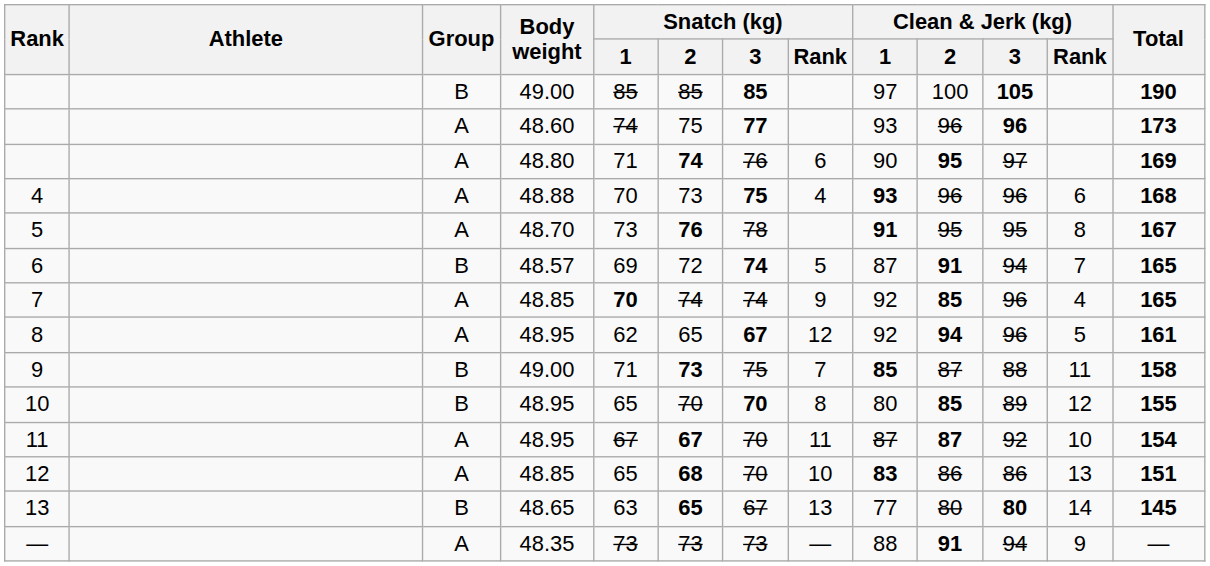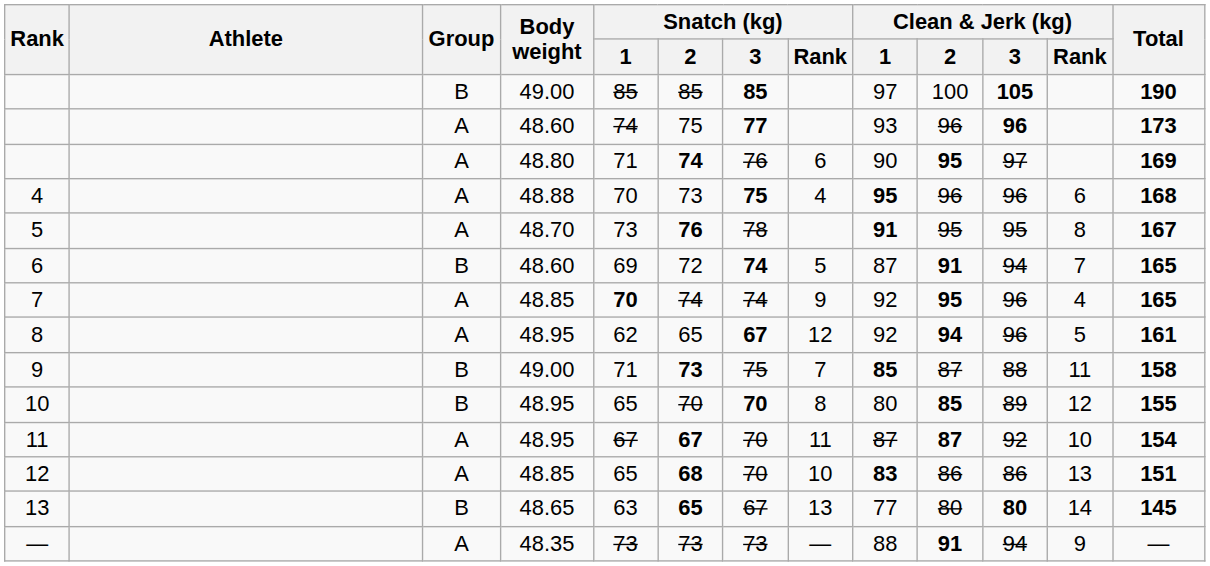 <table class = "wikitable" style="text-align:center;">
 <tr>
 <th rowspan=2 width=40>Rank</th>
 <th rowspan=2 width=250>Athlete</th>
 <th rowspan=2 width=50>Group</th>
 <th rowspan=2 width=60>Body weight</th>
 <th colspan=4>Snatch (kg)</th>
 <th colspan=4>Clean & Jerk (kg)</th>
 <th rowspan=2 width=60>Total</th>
 </tr>
 <tr>
 <th width=40>1</th>
 <th width=40>2</th>
 <th width=40>3</th>
 <th width=40>Rank</th>
 <th width=40>1</th>
 <th width=40>2</th>
 <th width=40>3</th>
 <th width=40>Rank</th>
 </tr>
 <tr>
 <td></td>
 <td align=left></td>
 <td>B</td>
 <td>49.00</td>
 <td><s>85</s></td>
 <td><s>85</s></td>
 <td><strong>85</strong></td>
 <td></td>
 <td>97</td>
 <td>100</td>
 <td><strong>105</strong></td>
 <td></td>
 <td><strong>190</strong></td>
 </tr>
 <tr>
 <td></td>
 <td align=left></td>
 <td>A</td>
 <td>48.60</td>
 <td><s>74</s></td>
 <td>75</td>
 <td><strong>77</strong></td>
 <td></td>
 <td>93</td>
 <td><s>96</s></td>
 <td><strong>96</strong></td>
 <td></td>
 <td><strong>173</strong></td>
 </tr>
 <tr>
 <td></td>
 <td align=left></td>
 <td>A</td>
 <td>48.80</td>
 <td>71</td>
 <td><strong>74</strong></td>
 <td><s>76</s></td>
 <td>6</td>
 <td>90</td>
 <td><strong>95</strong></td>
 <td><s>97</s></td>
 <td></td>
 <td><strong>169</strong></td>
 </tr>
 <tr>
 <td>4</td>
 <td align=left></td>
 <td>A</td>
 <td>48.88</td>
 <td>70</td>
 <td>73</td>
 <td><strong>75</strong></td>
 <td>4</td>
-<td><strong>93</strong></td>
+<td><strong>95</strong></td>
 <td><s>96</s></td>
 <td><s>96</s></td>
 <td>6</td>
 <td><strong>168</strong></td>
 </tr>
 <tr>
 <td>5</td>
 <td align=left></td>
 <td>A</td>
 <td>48.70</td>
 <td>73</td>
 <td><strong>76</strong></td>
 <td><s>78</s></td>
 <td></td>
 <td><strong>91</strong></td>
 <td><s>95</s></td>
 <td><s>95</s></td>
 <td>8</td>
 <td><strong>167</strong></td>
 </tr>
 <tr>
 <td>6</td>
 <td align=left></td>
 <td>B</td>
-<td>48.57</td>
+<td>48.60</td>
 <td>69</td>
 <td>72</td>
 <td><strong>74</strong></td>
 <td>5</td>
 <td>87</td>
 <td><strong>91</strong></td>
 <td><s>94</s></td>
 <td>7</td>
 <td><strong>165</strong></td>
 </tr>
 <tr>
 <td>7</td>
 <td align=left></td>
 <td>A</td>
 <td>48.85</td>
 <td><strong>70</strong></td>
 <td><s>74</s></td>
 <td><s>74</s></td>
 <td>9</td>
 <td>92</td>
-<td><strong>85</strong></td>
+<td><strong>95</strong></td>
 <td><s>96</s></td>
 <td>4</td>
 <td><strong>165</strong></td>
 </tr>
 <tr>
 <td>8</td>
 <td align=left></td>
 <td>A</td>
 <td>48.95</td>
 <td>62</td>
 <td>65</td>
 <td><strong>67</strong></td>
 <td>12</td>
 <td>92</td>
 <td><strong>94</strong></td>
 <td><s>96</s></td>
 <td>5</td>
 <td><strong>161</strong></td>
 </tr>
 <tr>
 <td>9</td>
 <td align=left></td>
 <td>B</td>
 <td>49.00</td>
 <td>71</td>
 <td><strong>73</strong></td>
 <td><s>75</s></td>
 <td>7</td>
 <td><strong>85</strong></td>
 <td><s>87</s></td>
 <td><s>88</s></td>
 <td>11</td>
 <td><strong>158</strong></td>
 </tr>
 <tr>
 <td>10</td>
 <td align=left></td>
 <td>B</td>
 <td>48.95</td>
 <td>65</td>
 <td><s>70</s></td>
 <td><strong>70</strong></td>
 <td>8</td>
 <td>80</td>
 <td><strong>85</strong></td>
 <td><s>89</s></td>
 <td>12</td>
 <td><strong>155</strong></td>
 </tr>
 <tr>
 <td>11</td>
 <td align=left></td>
 <td>A</td>
 <td>48.95</td>
 <td><s>67</s></td>
 <td><strong>67</strong></td>
 <td><s>70</s></td>
 <td>11</td>
 <td><s>87</s></td>
 <td><strong>87</strong></td>
 <td><s>92</s></td>
 <td>10</td>
 <td><strong>154</strong></td>
 </tr>
 <tr>
 <td>12</td>
 <td align=left></td>
 <td>A</td>
 <td>48.85</td>
 <td>65</td>
 <td><strong>68</strong></td>
 <td><s>70</s></td>
 <td>10</td>
 <td><strong>83</strong></td>
 <td><s>86</s></td>
 <td><s>86</s></td>
 <td>13</td>
 <td><strong>151</strong></td>
 </tr>
 <tr>
 <td>13</td>
 <td align=left></td>
 <td>B</td>
 <td>48.65</td>
 <td>63</td>
 <td><strong>65</strong></td>
 <td><s>67</s></td>
 <td>13</td>
 <td>77</td>
 <td><s>80</s></td>
 <td><strong>80</strong></td>
 <td>14</td>
 <td><strong>145</strong></td>
 </tr>
 <tr>
 <td>—</td>
 <td align=left></td>
 <td>A</td>
 <td>48.35</td>
 <td><s>73</s></td>
 <td><s>73</s></td>
 <td><s>73</s></td>
 <td>—</td>
 <td>88</td>
 <td><strong>91</strong></td>
 <td><s>94</s></td>
 <td>9</td>
 <td>—</td>
 </tr>
 </table>
